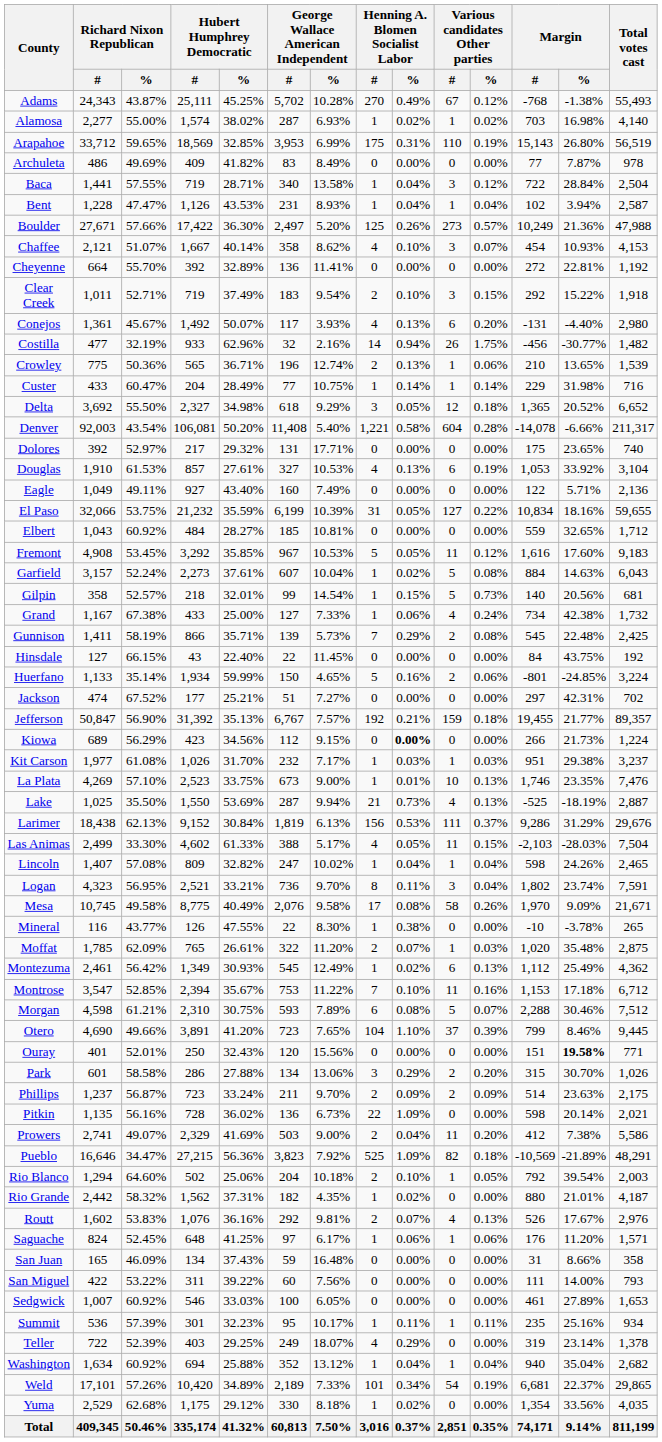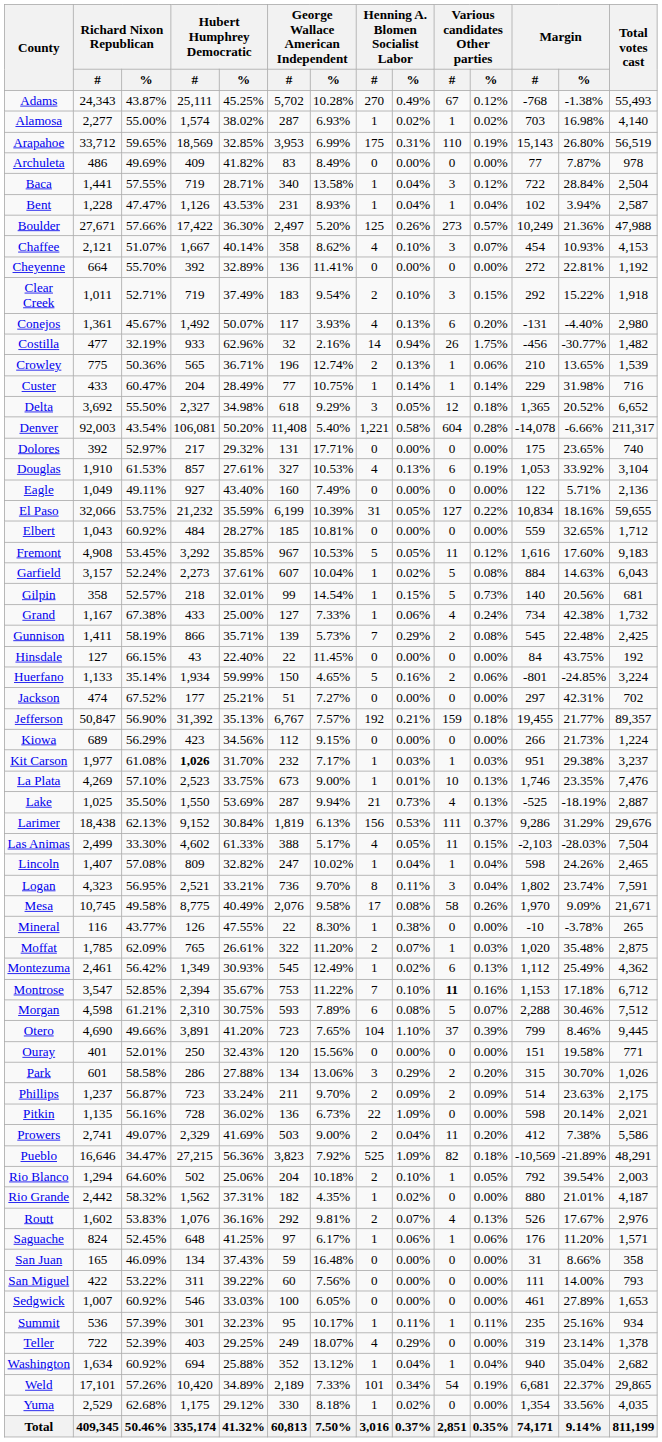 <table width="60%"  class="wikitable sortable" style="text-align:center">
 <tr>
 <th style="text-align:center;" rowspan="2">County</th>
 <th style="text-align:center;" colspan="2">Richard Nixon<br>Republican</th>
 <th style="text-align:center;" colspan="2">Hubert Humphrey<br>Democratic</th>
 <th style="text-align:center;" colspan="2">George Wallace<br>American Independent</th>
 <th style="text-align:center;" colspan="2">Henning A. Blomen<br>Socialist Labor</th>
 <th style="text-align:center;" colspan="2">Various candidates<br>Other parties</th>
 <th style="text-align:center;" colspan="2">Margin</th>
 <th style="text-align:center;" rowspan="2">Total votes cast</th>
 </tr>
 <tr>
 <th style="text-align:center;" data-sort-type="number">#</th>
 <th style="text-align:center;" data-sort-type="number">%</th>
 <th style="text-align:center;" data-sort-type="number">#</th>
 <th style="text-align:center;" data-sort-type="number">%</th>
 <th style="text-align:center;" data-sort-type="number">#</th>
 <th style="text-align:center;" data-sort-type="number">%</th>
 <th style="text-align:center;" data-sort-type="number">#</th>
 <th style="text-align:center;" data-sort-type="number">%</th>
 <th style="text-align:center;" data-sort-type="number">#</th>
 <th style="text-align:center;" data-sort-type="number">%</th>
 <th style="text-align:center;" data-sort-type="number">#</th>
 <th style="text-align:center;" data-sort-type="number">%</th>
 </tr>
 <tr style="text-align:center;">
 <td><a href='#'>Adams</a></td>
 <td>24,343</td>
 <td>43.87%</td>
 <td>25,111</td>
 <td>45.25%</td>
 <td>5,702</td>
 <td>10.28%</td>
 <td>270</td>
 <td>0.49%</td>
 <td>67</td>
 <td>0.12%</td>
 <td>-768</td>
 <td>-1.38%</td>
 <td>55,493</td>
 </tr>
 <tr style="text-align:center;">
 <td><a href='#'>Alamosa</a></td>
 <td>2,277</td>
 <td>55.00%</td>
 <td>1,574</td>
 <td>38.02%</td>
 <td>287</td>
 <td>6.93%</td>
 <td>1</td>
 <td>0.02%</td>
 <td>1</td>
 <td>0.02%</td>
 <td>703</td>
 <td>16.98%</td>
 <td>4,140</td>
 </tr>
 <tr style="text-align:center;">
 <td><a href='#'>Arapahoe</a></td>
 <td>33,712</td>
 <td>59.65%</td>
 <td>18,569</td>
 <td>32.85%</td>
 <td>3,953</td>
 <td>6.99%</td>
 <td>175</td>
 <td>0.31%</td>
 <td>110</td>
 <td>0.19%</td>
 <td>15,143</td>
 <td>26.80%</td>
 <td>56,519</td>
 </tr>
 <tr style="text-align:center;">
 <td><a href='#'>Archuleta</a></td>
 <td>486</td>
 <td>49.69%</td>
 <td>409</td>
 <td>41.82%</td>
 <td>83</td>
 <td>8.49%</td>
 <td>0</td>
 <td>0.00%</td>
 <td>0</td>
 <td>0.00%</td>
 <td>77</td>
 <td>7.87%</td>
 <td>978</td>
 </tr>
 <tr style="text-align:center;">
 <td><a href='#'>Baca</a></td>
 <td>1,441</td>
 <td>57.55%</td>
 <td>719</td>
 <td>28.71%</td>
 <td>340</td>
 <td>13.58%</td>
 <td>1</td>
 <td>0.04%</td>
 <td>3</td>
 <td>0.12%</td>
 <td>722</td>
 <td>28.84%</td>
 <td>2,504</td>
 </tr>
 <tr style="text-align:center;">
 <td><a href='#'>Bent</a></td>
 <td>1,228</td>
 <td>47.47%</td>
 <td>1,126</td>
 <td>43.53%</td>
 <td>231</td>
 <td>8.93%</td>
 <td>1</td>
 <td>0.04%</td>
 <td>1</td>
 <td>0.04%</td>
 <td>102</td>
 <td>3.94%</td>
 <td>2,587</td>
 </tr>
 <tr style="text-align:center;">
 <td><a href='#'>Boulder</a></td>
 <td>27,671</td>
 <td>57.66%</td>
 <td>17,422</td>
 <td>36.30%</td>
 <td>2,497</td>
 <td>5.20%</td>
 <td>125</td>
 <td>0.26%</td>
 <td>273</td>
 <td>0.57%</td>
 <td>10,249</td>
 <td>21.36%</td>
 <td>47,988</td>
 </tr>
 <tr style="text-align:center;">
 <td><a href='#'>Chaffee</a></td>
 <td>2,121</td>
 <td>51.07%</td>
 <td>1,667</td>
 <td>40.14%</td>
 <td>358</td>
 <td>8.62%</td>
 <td>4</td>
 <td>0.10%</td>
 <td>3</td>
 <td>0.07%</td>
 <td>454</td>
 <td>10.93%</td>
 <td>4,153</td>
 </tr>
 <tr style="text-align:center;">
 <td><a href='#'>Cheyenne</a></td>
 <td>664</td>
 <td>55.70%</td>
 <td>392</td>
 <td>32.89%</td>
 <td>136</td>
 <td>11.41%</td>
 <td>0</td>
 <td>0.00%</td>
 <td>0</td>
 <td>0.00%</td>
 <td>272</td>
 <td>22.81%</td>
 <td>1,192</td>
 </tr>
 <tr style="text-align:center;">
 <td><a href='#'>Clear Creek</a></td>
 <td>1,011</td>
 <td>52.71%</td>
 <td>719</td>
 <td>37.49%</td>
 <td>183</td>
 <td>9.54%</td>
 <td>2</td>
 <td>0.10%</td>
 <td>3</td>
 <td>0.15%</td>
 <td>292</td>
 <td>15.22%</td>
 <td>1,918</td>
 </tr>
 <tr style="text-align:center;">
 <td><a href='#'>Conejos</a></td>
 <td>1,361</td>
 <td>45.67%</td>
 <td>1,492</td>
 <td>50.07%</td>
 <td>117</td>
 <td>3.93%</td>
 <td>4</td>
 <td>0.13%</td>
 <td>6</td>
 <td>0.20%</td>
 <td>-131</td>
 <td>-4.40%</td>
 <td>2,980</td>
 </tr>
 <tr style="text-align:center;">
 <td><a href='#'>Costilla</a></td>
 <td>477</td>
 <td>32.19%</td>
 <td>933</td>
 <td>62.96%</td>
 <td>32</td>
 <td>2.16%</td>
 <td>14</td>
 <td>0.94%</td>
 <td>26</td>
 <td>1.75%</td>
 <td>-456</td>
 <td>-30.77%</td>
 <td>1,482</td>
 </tr>
 <tr style="text-align:center;">
 <td><a href='#'>Crowley</a></td>
 <td>775</td>
 <td>50.36%</td>
 <td>565</td>
 <td>36.71%</td>
 <td>196</td>
 <td>12.74%</td>
 <td>2</td>
 <td>0.13%</td>
 <td>1</td>
 <td>0.06%</td>
 <td>210</td>
 <td>13.65%</td>
 <td>1,539</td>
 </tr>
 <tr style="text-align:center;">
 <td><a href='#'>Custer</a></td>
 <td>433</td>
 <td>60.47%</td>
 <td>204</td>
 <td>28.49%</td>
 <td>77</td>
 <td>10.75%</td>
 <td>1</td>
 <td>0.14%</td>
 <td>1</td>
 <td>0.14%</td>
 <td>229</td>
 <td>31.98%</td>
 <td>716</td>
 </tr>
 <tr style="text-align:center;">
 <td><a href='#'>Delta</a></td>
 <td>3,692</td>
 <td>55.50%</td>
 <td>2,327</td>
 <td>34.98%</td>
 <td>618</td>
 <td>9.29%</td>
 <td>3</td>
 <td>0.05%</td>
 <td>12</td>
 <td>0.18%</td>
 <td>1,365</td>
 <td>20.52%</td>
 <td>6,652</td>
 </tr>
 <tr style="text-align:center;">
 <td><a href='#'>Denver</a></td>
 <td>92,003</td>
 <td>43.54%</td>
 <td>106,081</td>
 <td>50.20%</td>
 <td>11,408</td>
 <td>5.40%</td>
 <td>1,221</td>
 <td>0.58%</td>
 <td>604</td>
 <td>0.28%</td>
 <td>-14,078</td>
 <td>-6.66%</td>
 <td>211,317</td>
 </tr>
 <tr style="text-align:center;">
 <td><a href='#'>Dolores</a></td>
 <td>392</td>
 <td>52.97%</td>
 <td>217</td>
 <td>29.32%</td>
 <td>131</td>
 <td>17.71%</td>
 <td>0</td>
 <td>0.00%</td>
 <td>0</td>
 <td>0.00%</td>
 <td>175</td>
 <td>23.65%</td>
 <td>740</td>
 </tr>
 <tr style="text-align:center;">
 <td><a href='#'>Douglas</a></td>
 <td>1,910</td>
 <td>61.53%</td>
 <td>857</td>
 <td>27.61%</td>
 <td>327</td>
 <td>10.53%</td>
 <td>4</td>
 <td>0.13%</td>
 <td>6</td>
 <td>0.19%</td>
 <td>1,053</td>
 <td>33.92%</td>
 <td>3,104</td>
 </tr>
 <tr style="text-align:center;">
 <td><a href='#'>Eagle</a></td>
 <td>1,049</td>
 <td>49.11%</td>
 <td>927</td>
 <td>43.40%</td>
 <td>160</td>
 <td>7.49%</td>
 <td>0</td>
 <td>0.00%</td>
 <td>0</td>
 <td>0.00%</td>
 <td>122</td>
 <td>5.71%</td>
 <td>2,136</td>
 </tr>
 <tr style="text-align:center;">
 <td><a href='#'>El Paso</a></td>
 <td>32,066</td>
 <td>53.75%</td>
 <td>21,232</td>
 <td>35.59%</td>
 <td>6,199</td>
 <td>10.39%</td>
 <td>31</td>
 <td>0.05%</td>
 <td>127</td>
 <td>0.22%</td>
 <td>10,834</td>
 <td>18.16%</td>
 <td>59,655</td>
 </tr>
 <tr style="text-align:center;">
 <td><a href='#'>Elbert</a></td>
 <td>1,043</td>
 <td>60.92%</td>
 <td>484</td>
 <td>28.27%</td>
 <td>185</td>
 <td>10.81%</td>
 <td>0</td>
 <td>0.00%</td>
 <td>0</td>
 <td>0.00%</td>
 <td>559</td>
 <td>32.65%</td>
 <td>1,712</td>
 </tr>
 <tr style="text-align:center;">
 <td><a href='#'>Fremont</a></td>
 <td>4,908</td>
 <td>53.45%</td>
 <td>3,292</td>
 <td>35.85%</td>
 <td>967</td>
 <td>10.53%</td>
 <td>5</td>
 <td>0.05%</td>
 <td>11</td>
 <td>0.12%</td>
 <td>1,616</td>
 <td>17.60%</td>
 <td>9,183</td>
 </tr>
 <tr style="text-align:center;">
 <td><a href='#'>Garfield</a></td>
 <td>3,157</td>
 <td>52.24%</td>
 <td>2,273</td>
 <td>37.61%</td>
 <td>607</td>
 <td>10.04%</td>
 <td>1</td>
 <td>0.02%</td>
 <td>5</td>
 <td>0.08%</td>
 <td>884</td>
 <td>14.63%</td>
 <td>6,043</td>
 </tr>
 <tr style="text-align:center;">
 <td><a href='#'>Gilpin</a></td>
 <td>358</td>
 <td>52.57%</td>
 <td>218</td>
 <td>32.01%</td>
 <td>99</td>
 <td>14.54%</td>
 <td>1</td>
 <td>0.15%</td>
 <td>5</td>
 <td>0.73%</td>
 <td>140</td>
 <td>20.56%</td>
 <td>681</td>
 </tr>
 <tr style="text-align:center;">
 <td><a href='#'>Grand</a></td>
 <td>1,167</td>
 <td>67.38%</td>
 <td>433</td>
 <td>25.00%</td>
 <td>127</td>
 <td>7.33%</td>
 <td>1</td>
 <td>0.06%</td>
 <td>4</td>
 <td>0.24%</td>
 <td>734</td>
 <td>42.38%</td>
 <td>1,732</td>
 </tr>
 <tr style="text-align:center;">
 <td><a href='#'>Gunnison</a></td>
 <td>1,411</td>
 <td>58.19%</td>
 <td>866</td>
 <td>35.71%</td>
 <td>139</td>
 <td>5.73%</td>
 <td>7</td>
 <td>0.29%</td>
 <td>2</td>
 <td>0.08%</td>
 <td>545</td>
 <td>22.48%</td>
 <td>2,425</td>
 </tr>
 <tr style="text-align:center;">
 <td><a href='#'>Hinsdale</a></td>
 <td>127</td>
 <td>66.15%</td>
 <td>43</td>
 <td>22.40%</td>
 <td>22</td>
 <td>11.45%</td>
 <td>0</td>
 <td>0.00%</td>
 <td>0</td>
 <td>0.00%</td>
 <td>84</td>
 <td>43.75%</td>
 <td>192</td>
 </tr>
 <tr style="text-align:center;">
 <td><a href='#'>Huerfano</a></td>
 <td>1,133</td>
 <td>35.14%</td>
 <td>1,934</td>
 <td>59.99%</td>
 <td>150</td>
 <td>4.65%</td>
 <td>5</td>
 <td>0.16%</td>
 <td>2</td>
 <td>0.06%</td>
 <td>-801</td>
 <td>-24.85%</td>
 <td>3,224</td>
 </tr>
 <tr style="text-align:center;">
 <td><a href='#'>Jackson</a></td>
 <td>474</td>
 <td>67.52%</td>
 <td>177</td>
 <td>25.21%</td>
 <td>51</td>
 <td>7.27%</td>
 <td>0</td>
 <td>0.00%</td>
 <td>0</td>
 <td>0.00%</td>
 <td>297</td>
 <td>42.31%</td>
 <td>702</td>
 </tr>
 <tr style="text-align:center;">
 <td><a href='#'>Jefferson</a></td>
 <td>50,847</td>
 <td>56.90%</td>
 <td>31,392</td>
 <td>35.13%</td>
 <td>6,767</td>
 <td>7.57%</td>
 <td>192</td>
 <td>0.21%</td>
 <td>159</td>
 <td>0.18%</td>
 <td>19,455</td>
 <td>21.77%</td>
 <td>89,357</td>
 </tr>
 <tr style="text-align:center;">
 <td><a href='#'>Kiowa</a></td>
 <td>689</td>
 <td>56.29%</td>
 <td>423</td>
 <td>34.56%</td>
 <td>112</td>
 <td>9.15%</td>
 <td>0</td>
-<td><strong>0.00%</strong></td>
+<td>0.00%</td>
 <td>0</td>
 <td>0.00%</td>
 <td>266</td>
 <td>21.73%</td>
 <td>1,224</td>
 </tr>
 <tr style="text-align:center;">
 <td><a href='#'>Kit Carson</a></td>
 <td>1,977</td>
 <td>61.08%</td>
-<td>1,026</td>
+<td><strong>1,026</strong></td>
 <td>31.70%</td>
 <td>232</td>
 <td>7.17%</td>
 <td>1</td>
 <td>0.03%</td>
 <td>1</td>
 <td>0.03%</td>
 <td>951</td>
 <td>29.38%</td>
 <td>3,237</td>
 </tr>
 <tr style="text-align:center;">
 <td><a href='#'>La Plata</a></td>
 <td>4,269</td>
 <td>57.10%</td>
 <td>2,523</td>
 <td>33.75%</td>
 <td>673</td>
 <td>9.00%</td>
 <td>1</td>
 <td>0.01%</td>
 <td>10</td>
 <td>0.13%</td>
 <td>1,746</td>
 <td>23.35%</td>
 <td>7,476</td>
 </tr>
 <tr style="text-align:center;">
 <td><a href='#'>Lake</a></td>
 <td>1,025</td>
 <td>35.50%</td>
 <td>1,550</td>
 <td>53.69%</td>
 <td>287</td>
 <td>9.94%</td>
 <td>21</td>
 <td>0.73%</td>
 <td>4</td>
 <td>0.13%</td>
 <td>-525</td>
 <td>-18.19%</td>
 <td>2,887</td>
 </tr>
 <tr style="text-align:center;">
 <td><a href='#'>Larimer</a></td>
 <td>18,438</td>
 <td>62.13%</td>
 <td>9,152</td>
 <td>30.84%</td>
 <td>1,819</td>
 <td>6.13%</td>
 <td>156</td>
 <td>0.53%</td>
 <td>111</td>
 <td>0.37%</td>
 <td>9,286</td>
 <td>31.29%</td>
 <td>29,676</td>
 </tr>
 <tr style="text-align:center;">
 <td><a href='#'>Las Animas</a></td>
 <td>2,499</td>
 <td>33.30%</td>
 <td>4,602</td>
 <td>61.33%</td>
 <td>388</td>
 <td>5.17%</td>
 <td>4</td>
 <td>0.05%</td>
 <td>11</td>
 <td>0.15%</td>
 <td>-2,103</td>
 <td>-28.03%</td>
 <td>7,504</td>
 </tr>
 <tr style="text-align:center;">
 <td><a href='#'>Lincoln</a></td>
 <td>1,407</td>
 <td>57.08%</td>
 <td>809</td>
 <td>32.82%</td>
 <td>247</td>
 <td>10.02%</td>
 <td>1</td>
 <td>0.04%</td>
 <td>1</td>
 <td>0.04%</td>
 <td>598</td>
 <td>24.26%</td>
 <td>2,465</td>
 </tr>
 <tr style="text-align:center;">
 <td><a href='#'>Logan</a></td>
 <td>4,323</td>
 <td>56.95%</td>
 <td>2,521</td>
 <td>33.21%</td>
 <td>736</td>
 <td>9.70%</td>
 <td>8</td>
 <td>0.11%</td>
 <td>3</td>
 <td>0.04%</td>
 <td>1,802</td>
 <td>23.74%</td>
 <td>7,591</td>
 </tr>
 <tr style="text-align:center;">
 <td><a href='#'>Mesa</a></td>
 <td>10,745</td>
 <td>49.58%</td>
 <td>8,775</td>
 <td>40.49%</td>
 <td>2,076</td>
 <td>9.58%</td>
 <td>17</td>
 <td>0.08%</td>
 <td>58</td>
 <td>0.26%</td>
 <td>1,970</td>
 <td>9.09%</td>
 <td>21,671</td>
 </tr>
 <tr style="text-align:center;">
 <td><a href='#'>Mineral</a></td>
 <td>116</td>
 <td>43.77%</td>
 <td>126</td>
 <td>47.55%</td>
 <td>22</td>
 <td>8.30%</td>
 <td>1</td>
 <td>0.38%</td>
 <td>0</td>
 <td>0.00%</td>
 <td>-10</td>
 <td>-3.78%</td>
 <td>265</td>
 </tr>
 <tr style="text-align:center;">
 <td><a href='#'>Moffat</a></td>
 <td>1,785</td>
 <td>62.09%</td>
 <td>765</td>
 <td>26.61%</td>
 <td>322</td>
 <td>11.20%</td>
 <td>2</td>
 <td>0.07%</td>
 <td>1</td>
 <td>0.03%</td>
 <td>1,020</td>
 <td>35.48%</td>
 <td>2,875</td>
 </tr>
 <tr style="text-align:center;">
 <td><a href='#'>Montezuma</a></td>
 <td>2,461</td>
 <td>56.42%</td>
 <td>1,349</td>
 <td>30.93%</td>
 <td>545</td>
 <td>12.49%</td>
 <td>1</td>
 <td>0.02%</td>
 <td>6</td>
 <td>0.13%</td>
 <td>1,112</td>
 <td>25.49%</td>
 <td>4,362</td>
 </tr>
 <tr style="text-align:center;">
 <td><a href='#'>Montrose</a></td>
 <td>3,547</td>
 <td>52.85%</td>
 <td>2,394</td>
 <td>35.67%</td>
 <td>753</td>
 <td>11.22%</td>
 <td>7</td>
 <td>0.10%</td>
-<td>11</td>
+<td><strong>11</strong></td>
 <td>0.16%</td>
 <td>1,153</td>
 <td>17.18%</td>
 <td>6,712</td>
 </tr>
 <tr style="text-align:center;">
 <td><a href='#'>Morgan</a></td>
 <td>4,598</td>
 <td>61.21%</td>
 <td>2,310</td>
 <td>30.75%</td>
 <td>593</td>
 <td>7.89%</td>
 <td>6</td>
 <td>0.08%</td>
 <td>5</td>
 <td>0.07%</td>
 <td>2,288</td>
 <td>30.46%</td>
 <td>7,512</td>
 </tr>
 <tr style="text-align:center;">
 <td><a href='#'>Otero</a></td>
 <td>4,690</td>
 <td>49.66%</td>
 <td>3,891</td>
 <td>41.20%</td>
 <td>723</td>
 <td>7.65%</td>
 <td>104</td>
 <td>1.10%</td>
 <td>37</td>
 <td>0.39%</td>
 <td>799</td>
 <td>8.46%</td>
 <td>9,445</td>
 </tr>
 <tr style="text-align:center;">
 <td><a href='#'>Ouray</a></td>
 <td>401</td>
 <td>52.01%</td>
 <td>250</td>
 <td>32.43%</td>
 <td>120</td>
 <td>15.56%</td>
 <td>0</td>
 <td>0.00%</td>
 <td>0</td>
 <td>0.00%</td>
 <td>151</td>
-<td><strong>19.58%</strong></td>
+<td>19.58%</td>
 <td>771</td>
 </tr>
 <tr style="text-align:center;">
 <td><a href='#'>Park</a></td>
 <td>601</td>
 <td>58.58%</td>
 <td>286</td>
 <td>27.88%</td>
 <td>134</td>
 <td>13.06%</td>
 <td>3</td>
 <td>0.29%</td>
 <td>2</td>
 <td>0.20%</td>
 <td>315</td>
 <td>30.70%</td>
 <td>1,026</td>
 </tr>
 <tr style="text-align:center;">
 <td><a href='#'>Phillips</a></td>
 <td>1,237</td>
 <td>56.87%</td>
 <td>723</td>
 <td>33.24%</td>
 <td>211</td>
 <td>9.70%</td>
 <td>2</td>
 <td>0.09%</td>
 <td>2</td>
 <td>0.09%</td>
 <td>514</td>
 <td>23.63%</td>
 <td>2,175</td>
 </tr>
 <tr style="text-align:center;">
 <td><a href='#'>Pitkin</a></td>
 <td>1,135</td>
 <td>56.16%</td>
 <td>728</td>
 <td>36.02%</td>
 <td>136</td>
 <td>6.73%</td>
 <td>22</td>
 <td>1.09%</td>
 <td>0</td>
 <td>0.00%</td>
 <td>598</td>
 <td>20.14%</td>
 <td>2,021</td>
 </tr>
 <tr style="text-align:center;">
 <td><a href='#'>Prowers</a></td>
 <td>2,741</td>
 <td>49.07%</td>
 <td>2,329</td>
 <td>41.69%</td>
 <td>503</td>
 <td>9.00%</td>
 <td>2</td>
 <td>0.04%</td>
 <td>11</td>
 <td>0.20%</td>
 <td>412</td>
 <td>7.38%</td>
 <td>5,586</td>
 </tr>
 <tr style="text-align:center;">
 <td><a href='#'>Pueblo</a></td>
 <td>16,646</td>
 <td>34.47%</td>
 <td>27,215</td>
 <td>56.36%</td>
 <td>3,823</td>
 <td>7.92%</td>
 <td>525</td>
 <td>1.09%</td>
 <td>82</td>
 <td>0.18%</td>
 <td>-10,569</td>
 <td>-21.89%</td>
 <td>48,291</td>
 </tr>
 <tr style="text-align:center;">
 <td><a href='#'>Rio Blanco</a></td>
 <td>1,294</td>
 <td>64.60%</td>
 <td>502</td>
 <td>25.06%</td>
 <td>204</td>
 <td>10.18%</td>
 <td>2</td>
 <td>0.10%</td>
 <td>1</td>
 <td>0.05%</td>
 <td>792</td>
 <td>39.54%</td>
 <td>2,003</td>
 </tr>
 <tr style="text-align:center;">
 <td><a href='#'>Rio Grande</a></td>
 <td>2,442</td>
 <td>58.32%</td>
 <td>1,562</td>
 <td>37.31%</td>
 <td>182</td>
 <td>4.35%</td>
 <td>1</td>
 <td>0.02%</td>
 <td>0</td>
 <td>0.00%</td>
 <td>880</td>
 <td>21.01%</td>
 <td>4,187</td>
 </tr>
 <tr style="text-align:center;">
 <td><a href='#'>Routt</a></td>
 <td>1,602</td>
 <td>53.83%</td>
 <td>1,076</td>
 <td>36.16%</td>
 <td>292</td>
 <td>9.81%</td>
 <td>2</td>
 <td>0.07%</td>
 <td>4</td>
 <td>0.13%</td>
 <td>526</td>
 <td>17.67%</td>
 <td>2,976</td>
 </tr>
 <tr style="text-align:center;">
 <td><a href='#'>Saguache</a></td>
 <td>824</td>
 <td>52.45%</td>
 <td>648</td>
 <td>41.25%</td>
 <td>97</td>
 <td>6.17%</td>
 <td>1</td>
 <td>0.06%</td>
 <td>1</td>
 <td>0.06%</td>
 <td>176</td>
 <td>11.20%</td>
 <td>1,571</td>
 </tr>
 <tr style="text-align:center;">
 <td><a href='#'>San Juan</a></td>
 <td>165</td>
 <td>46.09%</td>
 <td>134</td>
 <td>37.43%</td>
 <td>59</td>
 <td>16.48%</td>
 <td>0</td>
 <td>0.00%</td>
 <td>0</td>
 <td>0.00%</td>
 <td>31</td>
 <td>8.66%</td>
 <td>358</td>
 </tr>
 <tr style="text-align:center;">
 <td><a href='#'>San Miguel</a></td>
 <td>422</td>
 <td>53.22%</td>
 <td>311</td>
 <td>39.22%</td>
 <td>60</td>
 <td>7.56%</td>
 <td>0</td>
 <td>0.00%</td>
 <td>0</td>
 <td>0.00%</td>
 <td>111</td>
 <td>14.00%</td>
 <td>793</td>
 </tr>
 <tr style="text-align:center;">
 <td><a href='#'>Sedgwick</a></td>
 <td>1,007</td>
 <td>60.92%</td>
 <td>546</td>
 <td>33.03%</td>
 <td>100</td>
 <td>6.05%</td>
 <td>0</td>
 <td>0.00%</td>
 <td>0</td>
 <td>0.00%</td>
 <td>461</td>
 <td>27.89%</td>
 <td>1,653</td>
 </tr>
 <tr style="text-align:center;">
 <td><a href='#'>Summit</a></td>
 <td>536</td>
 <td>57.39%</td>
 <td>301</td>
 <td>32.23%</td>
 <td>95</td>
 <td>10.17%</td>
 <td>1</td>
 <td>0.11%</td>
 <td>1</td>
 <td>0.11%</td>
 <td>235</td>
 <td>25.16%</td>
 <td>934</td>
 </tr>
 <tr style="text-align:center;">
 <td><a href='#'>Teller</a></td>
 <td>722</td>
 <td>52.39%</td>
 <td>403</td>
 <td>29.25%</td>
 <td>249</td>
 <td>18.07%</td>
 <td>4</td>
 <td>0.29%</td>
 <td>0</td>
 <td>0.00%</td>
 <td>319</td>
 <td>23.14%</td>
 <td>1,378</td>
 </tr>
 <tr style="text-align:center;">
 <td><a href='#'>Washington</a></td>
 <td>1,634</td>
 <td>60.92%</td>
 <td>694</td>
 <td>25.88%</td>
 <td>352</td>
 <td>13.12%</td>
 <td>1</td>
 <td>0.04%</td>
 <td>1</td>
 <td>0.04%</td>
 <td>940</td>
 <td>35.04%</td>
 <td>2,682</td>
 </tr>
 <tr style="text-align:center;">
 <td><a href='#'>Weld</a></td>
 <td>17,101</td>
 <td>57.26%</td>
 <td>10,420</td>
 <td>34.89%</td>
 <td>2,189</td>
 <td>7.33%</td>
 <td>101</td>
 <td>0.34%</td>
 <td>54</td>
 <td>0.19%</td>
 <td>6,681</td>
 <td>22.37%</td>
 <td>29,865</td>
 </tr>
 <tr style="text-align:center;">
 <td><a href='#'>Yuma</a></td>
 <td>2,529</td>
 <td>62.68%</td>
 <td>1,175</td>
 <td>29.12%</td>
 <td>330</td>
 <td>8.18%</td>
 <td>1</td>
 <td>0.02%</td>
 <td>0</td>
 <td>0.00%</td>
 <td>1,354</td>
 <td>33.56%</td>
 <td>4,035</td>
 </tr>
 <tr>
 <th>Total</th>
 <th>409,345</th>
 <th>50.46%</th>
 <th>335,174</th>
 <th>41.32%</th>
 <th>60,813</th>
 <th>7.50%</th>
 <th>3,016</th>
 <th>0.37%</th>
 <th>2,851</th>
 <th>0.35%</th>
 <th>74,171</th>
 <th>9.14%</th>
 <th>811,199</th>
 </tr>
 </table>
